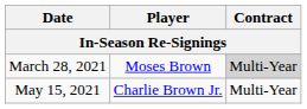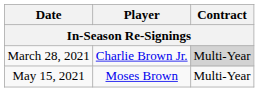 <table class="wikitable" style="text-align: center">
 <tr>
 <th>Date</th>
 <th>Player</th>
 <th>Contract</th>
 </tr>
 <tr>
 <th scope="row" colspan="6" style="text-align:center;”">In-Season Re-Signings</th>
 </tr>
 <tr style="text-align: center">
 <td>March 28, 2021</td>
-<td><a href='#'>Moses Brown</a></td>
+<td><a href='#'>Charlie Brown Jr.</a></td>
 <td style="background: lightgrey;">Multi-Year</td>
 </tr>
 <tr style="text-align: center">
 <td>May 15, 2021</td>
-<td><a href='#'>Charlie Brown Jr.</a></td>
+<td><a href='#'>Moses Brown</a></td>
 <td>Multi-Year</td>
 </tr>
 </table>
